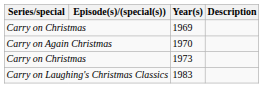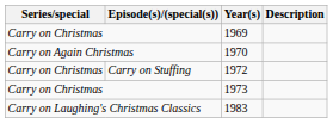 <table class="wikitable sortable">
 <tr>
 <th>Series/special</th>
 <th>Episode(s)/(special(s))</th>
 <th>Year(s)</th>
 <th>Description</th>
 </tr>
 <tr>
 <td colspan="2"><em>Carry on Christmas</em></td>
 <td>1969</td>
 <td></td>
 </tr>
 <tr>
 <td colspan="2"><em>Carry on Again Christmas</em></td>
 <td>1970</td>
 <td></td>
 </tr>
 <tr>
+<td><em>Carry on Christmas</em></td>
+<td><em>Carry on Stuffing</em></td>
+<td>1972</td>
+<td></td>
+</tr>
+<tr>
 <td colspan="2"><em>Carry on Christmas</em></td>
 <td>1973</td>
 <td></td>
 </tr>
 <tr>
 <td colspan="2"><em>Carry on Laughing's Christmas Classics</em></td>
 <td>1983</td>
 <td></td>
 </tr>
 </table>
